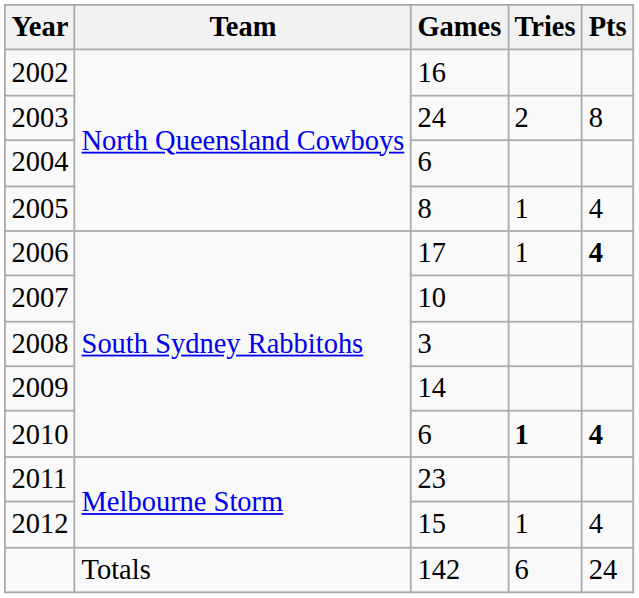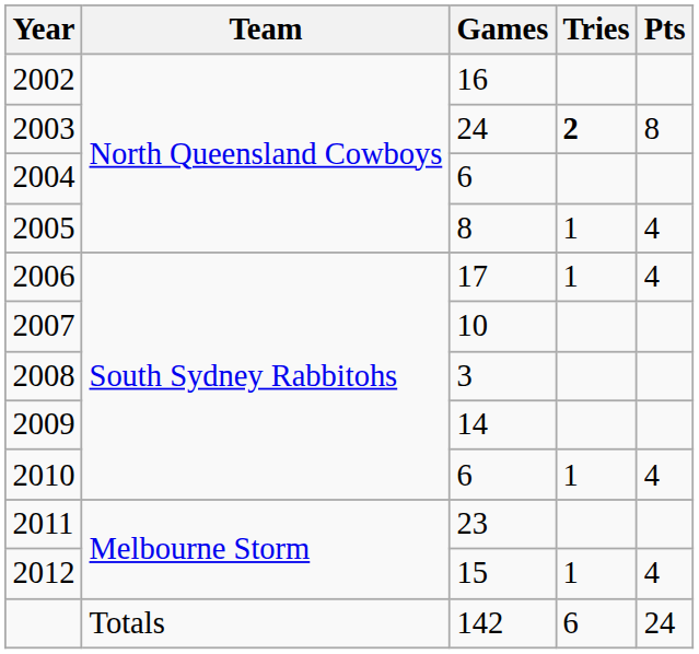 <table class="wikitable">
 <tr>
 <th>Year</th>
 <th>Team</th>
 <th>Games</th>
 <th>Tries</th>
 <th>Pts</th>
 </tr>
 <tr>
 <td>2002</td>
 <td rowspan="4"> <a href='#'>North Queensland Cowboys</a></td>
 <td>16</td>
 <td></td>
 <td></td>
 </tr>
 <tr>
 <td>2003</td>
 <td>24</td>
-<td>2</td>
+<td><strong>2</strong></td>
 <td>8</td>
 </tr>
 <tr>
 <td>2004</td>
 <td>6</td>
 <td></td>
 <td></td>
 </tr>
 <tr>
 <td>2005</td>
 <td>8</td>
 <td>1</td>
 <td>4</td>
 </tr>
 <tr>
 <td>2006</td>
 <td rowspan="5"> <a href='#'>South Sydney Rabbitohs</a></td>
 <td>17</td>
 <td>1</td>
-<td><strong>4</strong></td>
+<td>4</td>
 </tr>
 <tr>
 <td>2007</td>
 <td>10</td>
 <td></td>
 <td></td>
 </tr>
 <tr>
 <td>2008</td>
 <td>3</td>
 <td></td>
 <td></td>
 </tr>
 <tr>
 <td>2009</td>
 <td>14</td>
 <td></td>
 <td></td>
 </tr>
 <tr>
 <td>2010</td>
 <td>6</td>
-<td><strong>1</strong></td>
-<td><strong>4</strong></td>
+<td>1</td>
+<td>4</td>
 </tr>
 <tr>
 <td>2011</td>
 <td rowspan="2"> <a href='#'>Melbourne Storm</a></td>
 <td>23</td>
 <td></td>
 <td></td>
 </tr>
 <tr>
 <td>2012</td>
 <td>15</td>
 <td>1</td>
 <td>4</td>
 </tr>
 <tr>
 <td></td>
 <td>Totals</td>
 <td>142</td>
 <td>6</td>
 <td>24</td>
 </tr>
 </table>
